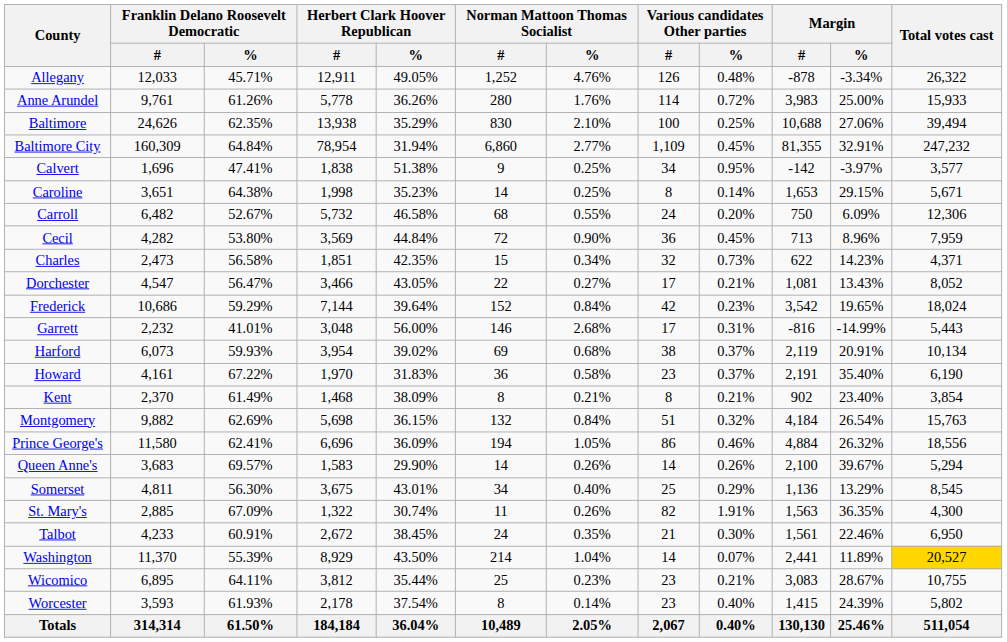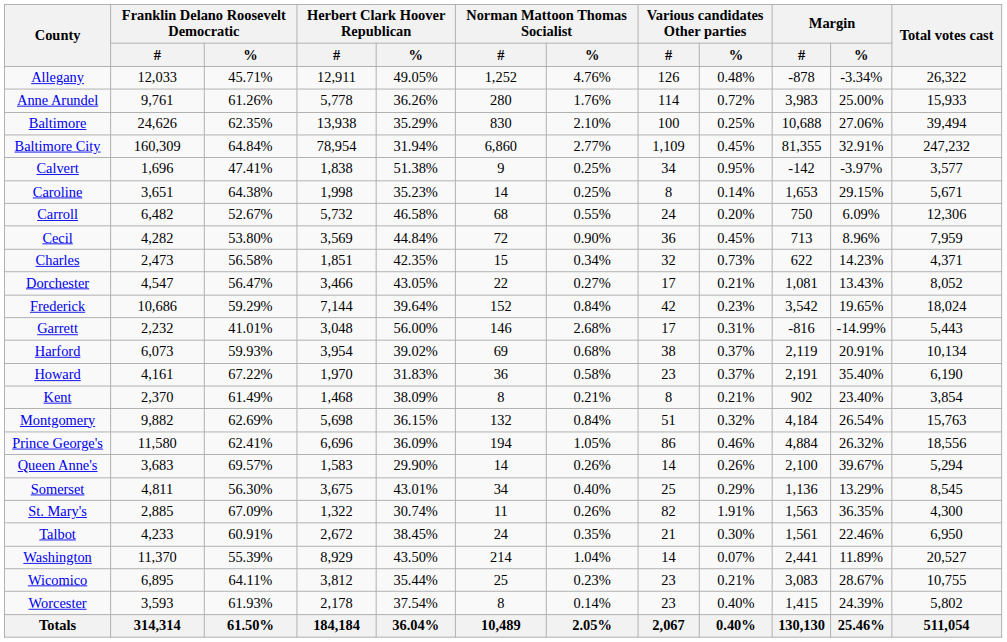 <table width="70%"  class="wikitable sortable" style="text-align:center">
 <tr>
 <th style="text-align:center;" rowspan="2">County</th>
 <th style="text-align:center;" colspan="2">Franklin Delano Roosevelt<br>Democratic</th>
 <th style="text-align:center;" colspan="2">Herbert Clark Hoover<br>Republican</th>
 <th style="text-align:center;" colspan="2">Norman Mattoon Thomas<br>Socialist</th>
 <th style="text-align:center;" colspan="2">Various candidates<br>Other parties</th>
 <th style="text-align:center;" colspan="2">Margin</th>
 <th style="text-align:center;" rowspan="2">Total votes cast</th>
 </tr>
 <tr>
 <th style="text-align:center;" data-sort-type="number">#</th>
 <th style="text-align:center;" data-sort-type="number">%</th>
 <th style="text-align:center;" data-sort-type="number">#</th>
 <th style="text-align:center;" data-sort-type="number">%</th>
 <th style="text-align:center;" data-sort-type="number">#</th>
 <th style="text-align:center;" data-sort-type="number">%</th>
 <th style="text-align:center;" data-sort-type="number">#</th>
 <th style="text-align:center;" data-sort-type="number">%</th>
 <th style="text-align:center;" data-sort-type="number">#</th>
 <th style="text-align:center;" data-sort-type="number">%</th>
 </tr>
 <tr style="text-align:center;">
 <td><a href='#'>Allegany</a></td>
 <td>12,033</td>
 <td>45.71%</td>
 <td>12,911</td>
 <td>49.05%</td>
 <td>1,252</td>
 <td>4.76%</td>
 <td>126</td>
 <td>0.48%</td>
 <td>-878</td>
 <td>-3.34%</td>
 <td>26,322</td>
 </tr>
 <tr style="text-align:center;">
 <td><a href='#'>Anne Arundel</a></td>
 <td>9,761</td>
 <td>61.26%</td>
 <td>5,778</td>
 <td>36.26%</td>
 <td>280</td>
 <td>1.76%</td>
 <td>114</td>
 <td>0.72%</td>
 <td>3,983</td>
 <td>25.00%</td>
 <td>15,933</td>
 </tr>
 <tr style="text-align:center;">
 <td><a href='#'>Baltimore</a></td>
 <td>24,626</td>
 <td>62.35%</td>
 <td>13,938</td>
 <td>35.29%</td>
 <td>830</td>
 <td>2.10%</td>
 <td>100</td>
 <td>0.25%</td>
 <td>10,688</td>
 <td>27.06%</td>
 <td>39,494</td>
 </tr>
 <tr style="text-align:center;">
 <td><a href='#'>Baltimore City</a></td>
 <td>160,309</td>
 <td>64.84%</td>
 <td>78,954</td>
 <td>31.94%</td>
 <td>6,860</td>
 <td>2.77%</td>
 <td>1,109</td>
 <td>0.45%</td>
 <td>81,355</td>
 <td>32.91%</td>
 <td>247,232</td>
 </tr>
 <tr style="text-align:center;">
 <td><a href='#'>Calvert</a></td>
 <td>1,696</td>
 <td>47.41%</td>
 <td>1,838</td>
 <td>51.38%</td>
 <td>9</td>
 <td>0.25%</td>
 <td>34</td>
 <td>0.95%</td>
 <td>-142</td>
 <td>-3.97%</td>
 <td>3,577</td>
 </tr>
 <tr style="text-align:center;">
 <td><a href='#'>Caroline</a></td>
 <td>3,651</td>
 <td>64.38%</td>
 <td>1,998</td>
 <td>35.23%</td>
 <td>14</td>
 <td>0.25%</td>
 <td>8</td>
 <td>0.14%</td>
 <td>1,653</td>
 <td>29.15%</td>
 <td>5,671</td>
 </tr>
 <tr style="text-align:center;">
 <td><a href='#'>Carroll</a></td>
 <td>6,482</td>
 <td>52.67%</td>
 <td>5,732</td>
 <td>46.58%</td>
 <td>68</td>
 <td>0.55%</td>
 <td>24</td>
 <td>0.20%</td>
 <td>750</td>
 <td>6.09%</td>
 <td>12,306</td>
 </tr>
 <tr style="text-align:center;">
 <td><a href='#'>Cecil</a></td>
 <td>4,282</td>
 <td>53.80%</td>
 <td>3,569</td>
 <td>44.84%</td>
 <td>72</td>
 <td>0.90%</td>
 <td>36</td>
 <td>0.45%</td>
 <td>713</td>
 <td>8.96%</td>
 <td>7,959</td>
 </tr>
 <tr style="text-align:center;">
 <td><a href='#'>Charles</a></td>
 <td>2,473</td>
 <td>56.58%</td>
 <td>1,851</td>
 <td>42.35%</td>
 <td>15</td>
 <td>0.34%</td>
 <td>32</td>
 <td>0.73%</td>
 <td>622</td>
 <td>14.23%</td>
 <td>4,371</td>
 </tr>
 <tr style="text-align:center;">
 <td><a href='#'>Dorchester</a></td>
 <td>4,547</td>
 <td>56.47%</td>
 <td>3,466</td>
 <td>43.05%</td>
 <td>22</td>
 <td>0.27%</td>
 <td>17</td>
 <td>0.21%</td>
 <td>1,081</td>
 <td>13.43%</td>
 <td>8,052</td>
 </tr>
 <tr style="text-align:center;">
 <td><a href='#'>Frederick</a></td>
 <td>10,686</td>
 <td>59.29%</td>
 <td>7,144</td>
 <td>39.64%</td>
 <td>152</td>
 <td>0.84%</td>
 <td>42</td>
 <td>0.23%</td>
 <td>3,542</td>
 <td>19.65%</td>
 <td>18,024</td>
 </tr>
 <tr style="text-align:center;">
 <td><a href='#'>Garrett</a></td>
 <td>2,232</td>
 <td>41.01%</td>
 <td>3,048</td>
 <td>56.00%</td>
 <td>146</td>
 <td>2.68%</td>
 <td>17</td>
 <td>0.31%</td>
 <td>-816</td>
 <td>-14.99%</td>
 <td>5,443</td>
 </tr>
 <tr style="text-align:center;">
 <td><a href='#'>Harford</a></td>
 <td>6,073</td>
 <td>59.93%</td>
 <td>3,954</td>
 <td>39.02%</td>
 <td>69</td>
 <td>0.68%</td>
 <td>38</td>
 <td>0.37%</td>
 <td>2,119</td>
 <td>20.91%</td>
 <td>10,134</td>
 </tr>
 <tr style="text-align:center;">
 <td><a href='#'>Howard</a></td>
 <td>4,161</td>
 <td>67.22%</td>
 <td>1,970</td>
 <td>31.83%</td>
 <td>36</td>
 <td>0.58%</td>
 <td>23</td>
 <td>0.37%</td>
 <td>2,191</td>
 <td>35.40%</td>
 <td>6,190</td>
 </tr>
 <tr style="text-align:center;">
 <td><a href='#'>Kent</a></td>
 <td>2,370</td>
 <td>61.49%</td>
 <td>1,468</td>
 <td>38.09%</td>
 <td>8</td>
 <td>0.21%</td>
 <td>8</td>
 <td>0.21%</td>
 <td>902</td>
 <td>23.40%</td>
 <td>3,854</td>
 </tr>
 <tr style="text-align:center;">
 <td><a href='#'>Montgomery</a></td>
 <td>9,882</td>
 <td>62.69%</td>
 <td>5,698</td>
 <td>36.15%</td>
 <td>132</td>
 <td>0.84%</td>
 <td>51</td>
 <td>0.32%</td>
 <td>4,184</td>
 <td>26.54%</td>
 <td>15,763</td>
 </tr>
 <tr style="text-align:center;">
 <td><a href='#'>Prince George's</a></td>
 <td>11,580</td>
 <td>62.41%</td>
 <td>6,696</td>
 <td>36.09%</td>
 <td>194</td>
 <td>1.05%</td>
 <td>86</td>
 <td>0.46%</td>
 <td>4,884</td>
 <td>26.32%</td>
 <td>18,556</td>
 </tr>
 <tr style="text-align:center;">
 <td><a href='#'>Queen Anne's</a></td>
 <td>3,683</td>
 <td>69.57%</td>
 <td>1,583</td>
 <td>29.90%</td>
 <td>14</td>
 <td>0.26%</td>
 <td>14</td>
 <td>0.26%</td>
 <td>2,100</td>
 <td>39.67%</td>
 <td>5,294</td>
 </tr>
 <tr style="text-align:center;">
 <td><a href='#'>Somerset</a></td>
 <td>4,811</td>
 <td>56.30%</td>
 <td>3,675</td>
 <td>43.01%</td>
 <td>34</td>
 <td>0.40%</td>
 <td>25</td>
 <td>0.29%</td>
 <td>1,136</td>
 <td>13.29%</td>
 <td>8,545</td>
 </tr>
 <tr style="text-align:center;">
 <td><a href='#'>St. Mary's</a></td>
 <td>2,885</td>
 <td>67.09%</td>
 <td>1,322</td>
 <td>30.74%</td>
 <td>11</td>
 <td>0.26%</td>
 <td>82</td>
 <td>1.91%</td>
 <td>1,563</td>
 <td>36.35%</td>
 <td>4,300</td>
 </tr>
 <tr style="text-align:center;">
 <td><a href='#'>Talbot</a></td>
 <td>4,233</td>
 <td>60.91%</td>
 <td>2,672</td>
 <td>38.45%</td>
 <td>24</td>
 <td>0.35%</td>
 <td>21</td>
 <td>0.30%</td>
 <td>1,561</td>
 <td>22.46%</td>
 <td>6,950</td>
 </tr>
 <tr style="text-align:center;">
 <td><a href='#'>Washington</a></td>
 <td>11,370</td>
 <td>55.39%</td>
 <td>8,929</td>
 <td>43.50%</td>
 <td>214</td>
 <td>1.04%</td>
 <td>14</td>
 <td>0.07%</td>
 <td>2,441</td>
 <td>11.89%</td>
-<td style="background: gold;">20,527</td>
+<td>20,527</td>
 </tr>
 <tr style="text-align:center;">
 <td><a href='#'>Wicomico</a></td>
 <td>6,895</td>
 <td>64.11%</td>
 <td>3,812</td>
 <td>35.44%</td>
 <td>25</td>
 <td>0.23%</td>
 <td>23</td>
 <td>0.21%</td>
 <td>3,083</td>
 <td>28.67%</td>
 <td>10,755</td>
 </tr>
 <tr style="text-align:center;">
 <td><a href='#'>Worcester</a></td>
 <td>3,593</td>
 <td>61.93%</td>
 <td>2,178</td>
 <td>37.54%</td>
 <td>8</td>
 <td>0.14%</td>
 <td>23</td>
 <td>0.40%</td>
 <td>1,415</td>
 <td>24.39%</td>
 <td>5,802</td>
 </tr>
 <tr style="text-align:center;">
 <th>Totals</th>
 <th>314,314</th>
 <th>61.50%</th>
 <th>184,184</th>
 <th>36.04%</th>
 <th>10,489</th>
 <th>2.05%</th>
 <th>2,067</th>
 <th>0.40%</th>
 <th>130,130</th>
 <th>25.46%</th>
 <th>511,054</th>
 </tr>
 </table>
